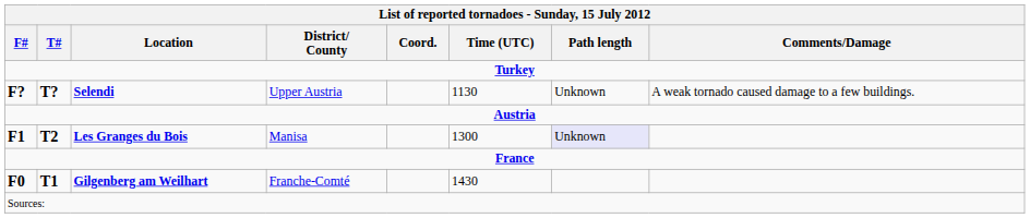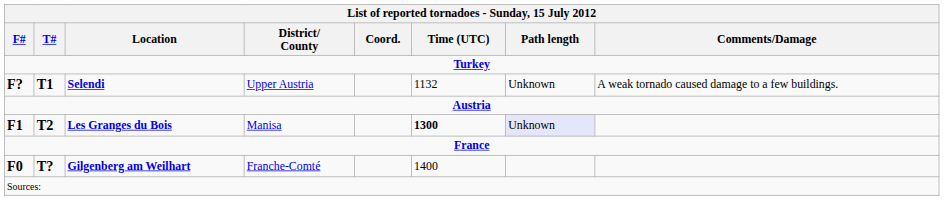 <table class="wikitable collapsible" width="100%">
 <tr>
 <th colspan="8">List of reported tornadoes - Sunday, 15 July 2012</th>
 </tr>
 <tr>
 <th><a href='#'>F#</a></th>
 <th><a href='#'>T#</a></th>
 <th>Location</th>
 <th>District/<br>County</th>
 <th>Coord.</th>
 <th>Time (UTC)</th>
 <th>Path length</th>
 <th>Comments/Damage</th>
 </tr>
 <tr>
 <td colspan="8" align=center><strong><a href='#'>Turkey</a></strong></td>
 </tr>
 <tr>
 <td><big><strong>F?</strong></big></td>
-<td><big><strong>T?</strong></big></td>
+<td><big><strong>T1</strong></big></td>
 <td><strong><a href='#'>Selendi</a></strong></td>
 <td><a href='#'>Upper Austria</a></td>
 <td></td>
-<td>1130</td>
+<td>1132</td>
 <td>Unknown</td>
 <td>A weak tornado caused damage to a few buildings.</td>
 </tr>
 <tr>
 <td colspan="8" align=center><strong><a href='#'>Austria</a></strong></td>
 </tr>
 <tr>
 <td><big><strong>F1</strong></big></td>
 <td><big><strong>T2</strong></big></td>
 <td><strong><a href='#'>Les Granges du Bois</a></strong></td>
 <td><a href='#'>Manisa</a></td>
 <td></td>
-<td>1300</td>
+<td><strong>1300</strong></td>
 <td style="background: lavender;">Unknown</td>
 <td></td>
 </tr>
 <tr>
 <td colspan="8" align=center><strong><a href='#'>France</a></strong></td>
 </tr>
 <tr>
 <td><big><strong>F0</strong></big></td>
-<td><big><strong>T1</strong></big></td>
+<td><big><strong>T?</strong></big></td>
 <td><strong><a href='#'>Gilgenberg am Weilhart</a></strong></td>
 <td><a href='#'>Franche-Comté</a></td>
 <td></td>
-<td>1430</td>
+<td>1400</td>
 <td></td>
 <td></td>
 </tr>
 <tr>
 <td colspan="8"><small>Sources:  </small></td>
 </tr>
 </table>
